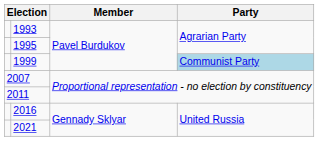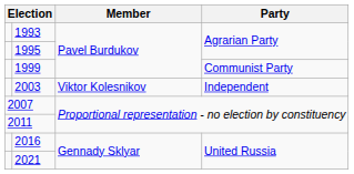 <table class="wikitable">
 <tr>
 <th colspan="2">Election</th>
 <th>Member</th>
 <th>Party</th>
 </tr>
 <tr>
 <td style="background-color:"></td>
 <td><a href='#'>1993</a></td>
 <td rowspan=3><a href='#'>Pavel Burdukov</a></td>
 <td rowspan=2><a href='#'>Agrarian Party</a></td>
 </tr>
 <tr>
 <td style="background-color:"></td>
 <td><a href='#'>1995</a></td>
 </tr>
 <tr>
 <td style="background-color:"></td>
 <td><a href='#'>1999</a></td>
-<td style="background: lightblue;"><a href='#'>Communist Party</a></td>
+<td><a href='#'>Communist Party</a></td>
+</tr>
+<tr>
+<td style="background-color:"></td>
+<td><a href='#'>2003</a></td>
+<td><a href='#'>Viktor Kolesnikov</a></td>
+<td><a href='#'>Independent</a></td>
 </tr>
 <tr>
 <td colspan=2><a href='#'>2007</a></td>
 <td colspan=2 rowspan=2><em><a href='#'>Proportional representation</a> - no election by constituency</em></td>
 </tr>
 <tr>
 <td colspan=2><a href='#'>2011</a></td>
 </tr>
 <tr>
 <td style="background-color: "></td>
 <td><a href='#'>2016</a></td>
 <td rowspan=2><a href='#'>Gennady Sklyar</a></td>
 <td rowspan=2><a href='#'>United Russia</a></td>
 </tr>
 <tr>
 <td style="background-color: "></td>
 <td><a href='#'>2021</a></td>
 </tr>
 </table>
